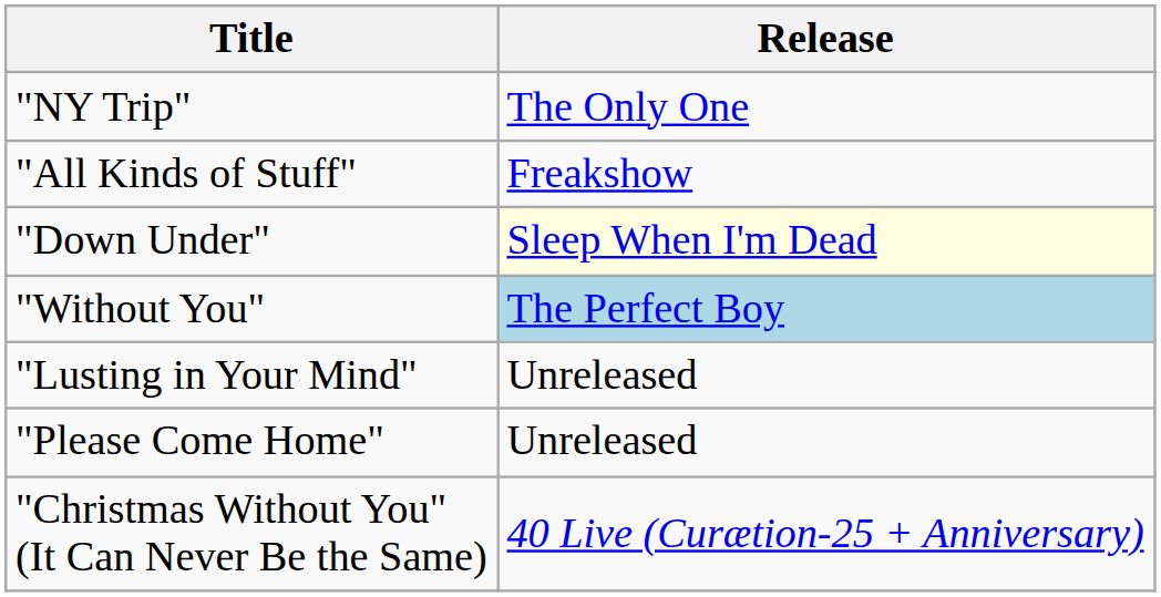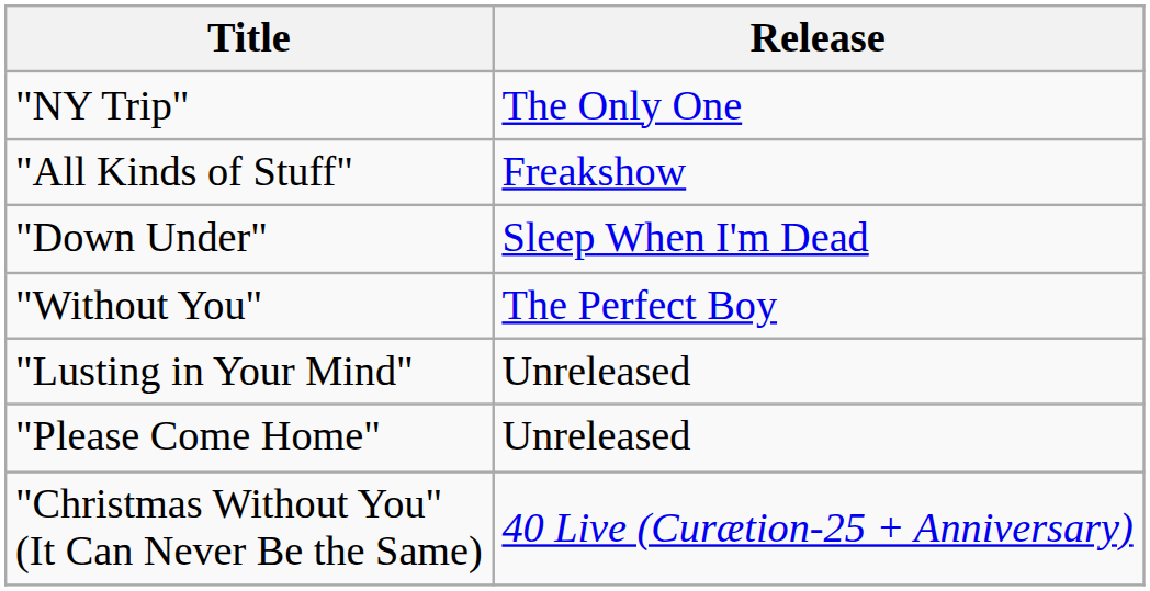 <table class="wikitable">
 <tr>
 <th>Title</th>
 <th>Release</th>
 </tr>
 <tr>
 <td>"NY Trip"</td>
 <td><a href='#'>The Only One</a></td>
 </tr>
 <tr>
 <td>"All Kinds of Stuff"</td>
 <td><a href='#'>Freakshow</a></td>
 </tr>
 <tr>
 <td>"Down Under"</td>
-<td style="background: lightyellow;"><a href='#'>Sleep When I'm Dead</a></td>
+<td><a href='#'>Sleep When I'm Dead</a></td>
 </tr>
 <tr>
 <td>"Without You"</td>
-<td style="background: lightblue;"><a href='#'>The Perfect Boy</a></td>
+<td><a href='#'>The Perfect Boy</a></td>
 </tr>
 <tr>
 <td>"Lusting in Your Mind"</td>
 <td>Unreleased</td>
 </tr>
 <tr>
 <td>"Please Come Home"</td>
 <td>Unreleased</td>
 </tr>
 <tr>
 <td>"Christmas Without You"<br>(It Can Never Be the Same)</td>
 <td><em><a href='#'>40 Live (Curætion-25 + Anniversary)</a></em></td>
 </tr>
 </table>
